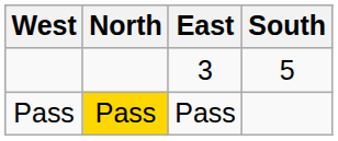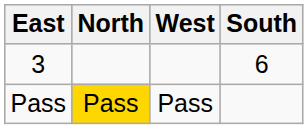 <table class=wikitable>
 <tr>
+<th>East</th>
+<th>North</th>
 <th>West</th>
-<th>North</th>
-<th>East</th>
 <th>South</th>
 </tr>
 <tr align=center>
+<td>3</td>
 <td></td>
 <td></td>
-<td>3</td>
-<td>5</td>
+<td>6</td>
 </tr>
 <tr align=center>
 <td>Pass</td>
 <td style="background: gold;">Pass</td>
 <td>Pass</td>
 <td></td>
 </tr>
 </table>
